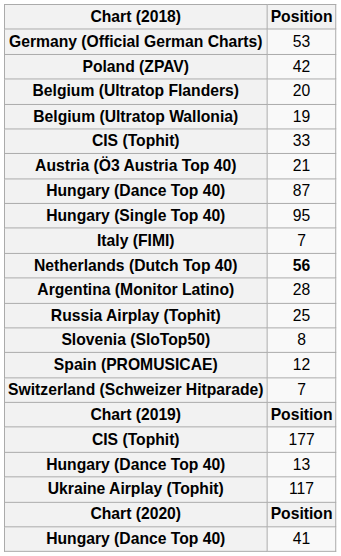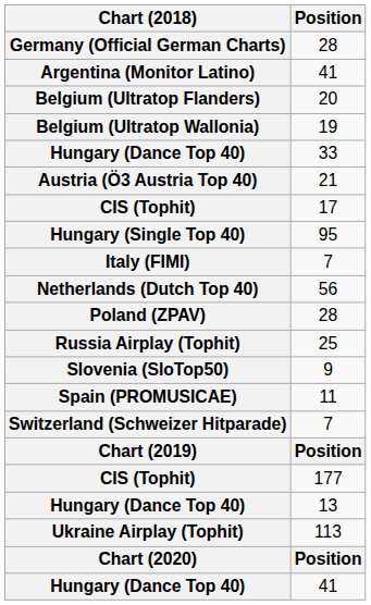 <table class="wikitable plainrowheaders sortable" style="text-align:center">
 <tr>
 <th scope="col">Chart (2018)</th>
 <th scope="col">Position</th>
 </tr>
 <tr>
 <th scope="row">Germany (Official German Charts)</th>
-<td>53</td>
+<td>28</td>
 </tr>
 <tr>
-<th scope="row">Poland (ZPAV)</th>
-<td>42</td>
+<th scope="row">Argentina (Monitor Latino)</th>
+<td>41</td>
 </tr>
 <tr>
 <th scope="row">Belgium (Ultratop Flanders)</th>
 <td>20</td>
 </tr>
 <tr>
 <th scope="row">Belgium (Ultratop Wallonia)</th>
 <td>19</td>
 </tr>
 <tr>
-<th scope="row">CIS (Tophit)</th>
+<th scope="row">Hungary (Dance Top 40)</th>
 <td>33</td>
 </tr>
 <tr>
 <th scope="row">Austria (Ö3 Austria Top 40)</th>
 <td>21</td>
 </tr>
 <tr>
-<th scope="row">Hungary (Dance Top 40)</th>
-<td>87</td>
+<th scope="row">CIS (Tophit)</th>
+<td>17</td>
 </tr>
 <tr>
 <th scope="row">Hungary (Single Top 40)</th>
 <td>95</td>
 </tr>
 <tr>
 <th scope="row">Italy (FIMI)</th>
 <td>7</td>
 </tr>
 <tr>
 <th scope="row">Netherlands (Dutch Top 40)</th>
-<td><strong>56</strong></td>
+<td>56</td>
 </tr>
 <tr>
-<th scope="row">Argentina (Monitor Latino)</th>
+<th scope="row">Poland (ZPAV)</th>
 <td>28</td>
 </tr>
 <tr>
 <th scope="row">Russia Airplay (Tophit)</th>
 <td>25</td>
 </tr>
 <tr>
 <th scope="row">Slovenia (SloTop50)</th>
-<td>8</td>
+<td>9</td>
 </tr>
 <tr>
 <th scope="row">Spain (PROMUSICAE)</th>
-<td>12</td>
+<td>11</td>
 </tr>
 <tr>
 <th scope="row">Switzerland (Schweizer Hitparade)</th>
 <td>7</td>
 </tr>
 <tr>
 <th scope="col">Chart (2019)</th>
 <th scope="col">Position</th>
 </tr>
 <tr>
 <th scope="row">CIS (Tophit)</th>
 <td>177</td>
 </tr>
 <tr>
 <th scope="row">Hungary (Dance Top 40)</th>
 <td>13</td>
 </tr>
 <tr>
 <th scope="row">Ukraine Airplay (Tophit)</th>
-<td>117</td>
+<td>113</td>
 </tr>
 <tr>
 <th scope="col">Chart (2020)</th>
 <th scope="col">Position</th>
 </tr>
 <tr>
 <th scope="row">Hungary (Dance Top 40)</th>
 <td>41</td>
 </tr>
 </table>
